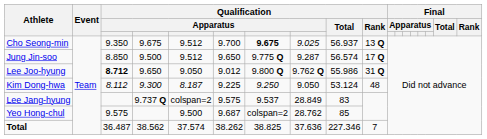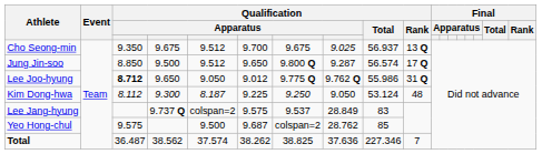 <table class=wikitable style=font-size:90%;text-align:center>
 <tr>
 <th rowspan=3>Athlete</th>
 <th rowspan=3>Event</th>
 <th colspan=8>Qualification</th>
 <th colspan=8>Final</th>
 </tr>
 <tr style=font-size:95%>
 <th colspan=6>Apparatus</th>
 <th rowspan=2>Total</th>
 <th rowspan=2>Rank</th>
 <th colspan=6>Apparatus</th>
 <th rowspan=2>Total</th>
 <th rowspan=2>Rank</th>
 </tr>
 <tr style=font-size:95%>
 <th></th>
 <th></th>
 <th></th>
 <th></th>
 <th></th>
 <th></th>
 <th></th>
 <th></th>
 <th></th>
 <th></th>
 <th></th>
 <th></th>
 </tr>
 <tr>
 <td style="text-align: left;"><a href='#'>Cho Seong-min</a></td>
 <td style="text-align: left;" rowspan=7><a href='#'>Team</a></td>
 <td>9.350</td>
 <td>9.675</td>
 <td>9.512</td>
 <td>9.700</td>
-<td><strong>9.675</strong></td>
+<td>9.675</td>
 <td><em>9.025</em></td>
 <td>56.937</td>
 <td>13 <strong>Q</strong></td>
 <td style="text-align: center;" colspan=8 rowspan=7>Did not advance</td>
 </tr>
 <tr style="text-align: center;">
 <td style="text-align: left;"><a href='#'>Jung Jin-soo</a></td>
 <td>8.850</td>
 <td>9.500</td>
 <td>9.512</td>
 <td>9.650</td>
-<td>9.775 <strong>Q</strong></td>
+<td>9.800 <strong>Q</strong></td>
 <td>9.287</td>
 <td>56.574</td>
 <td>17 <strong>Q</strong></td>
 </tr>
 <tr style="text-align: center;">
 <td style="text-align: left;"><a href='#'>Lee Joo-hyung</a></td>
 <td><strong>8.712</strong></td>
 <td>9.650</td>
 <td>9.050</td>
 <td>9.012</td>
-<td>9.800 <strong>Q</strong></td>
+<td>9.775 <strong>Q</strong></td>
 <td>9.762 <strong>Q</strong></td>
 <td>55.986</td>
 <td>31 <strong>Q</strong></td>
 </tr>
 <tr style="text-align: center;">
 <td style="text-align: left;"><a href='#'>Kim Dong-hwa</a></td>
 <td><em>8.112</em></td>
 <td><em>9.300</em></td>
 <td><em>8.187</em></td>
 <td>9.225</td>
 <td><em>9.250</em></td>
 <td>9.050</td>
 <td>53.124</td>
 <td>48</td>
 </tr>
 <tr style="text-align: center;">
 <td style="text-align: left;"><a href='#'>Lee Jang-hyung</a></td>
 <td></td>
 <td>9.737 <strong>Q</strong></td>
 <td>colspan=2 </td>
 <td>9.575</td>
 <td>9.537</td>
 <td>28.849</td>
 <td>83</td>
 </tr>
 <tr style="text-align: center;">
 <td style="text-align: left;"><a href='#'>Yeo Hong-chul</a></td>
 <td>9.575</td>
 <td></td>
 <td>9.500</td>
 <td>9.687</td>
 <td>colspan=2 </td>
 <td>28.762</td>
 <td>85</td>
 </tr>
 <tr style="text-align: center;">
 <td style="text-align: left;"><strong>Total</strong></td>
 <td>36.487</td>
 <td>38.562</td>
 <td>37.574</td>
 <td>38.262</td>
 <td>38.825</td>
 <td>37.636</td>
 <td>227.346</td>
 <td>7</td>
 </tr>
 </table>
